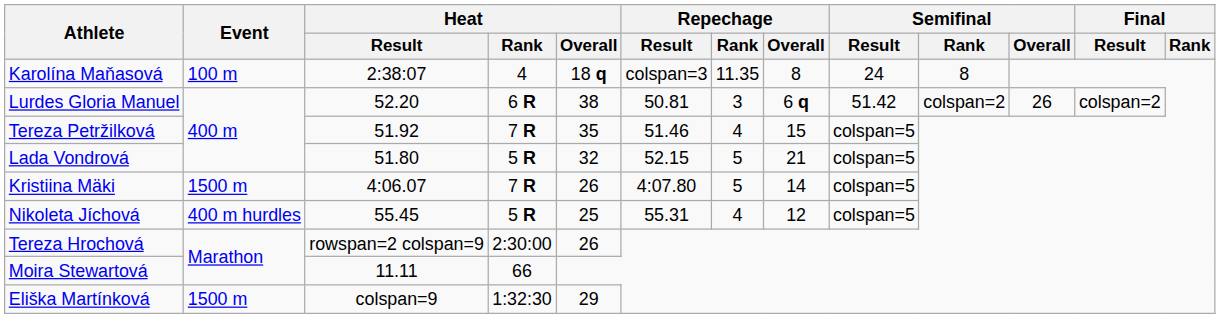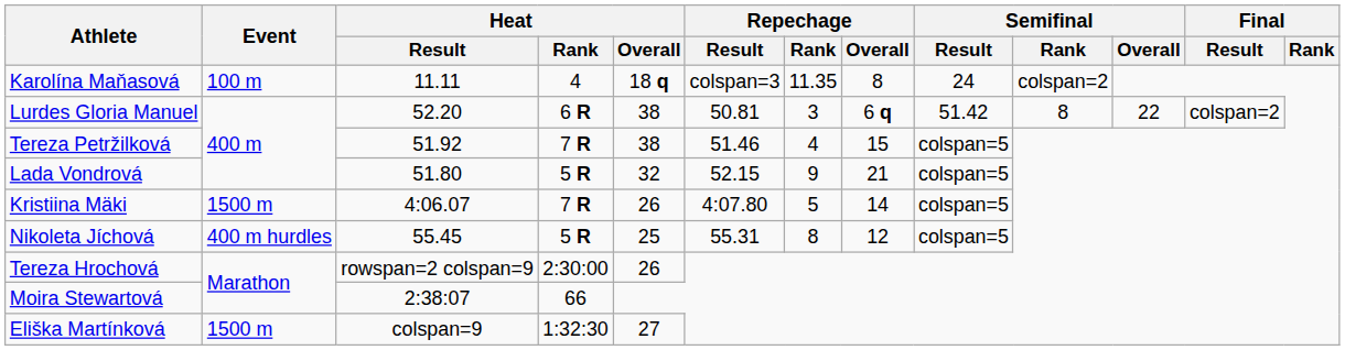 <table class="wikitable" style="font-size:90%">
 <tr>
 <th rowspan="2">Athlete</th>
 <th rowspan="2">Event</th>
 <th colspan="3">Heat</th>
 <th colspan="3">Repechage</th>
 <th colspan="3">Semifinal</th>
 <th colspan="2">Final</th>
 </tr>
 <tr style="font-size:95%">
 <th>Result</th>
 <th>Rank</th>
 <th>Overall</th>
 <th>Result</th>
 <th>Rank</th>
 <th>Overall</th>
 <th>Result</th>
 <th>Rank</th>
 <th>Overall</th>
 <th>Result</th>
 <th>Rank</th>
 </tr>
 <tr align=center>
 <td align=left><a href='#'>Karolína Maňasová</a></td>
 <td align=left><a href='#'>100 m</a></td>
-<td>2:38:07 <strong></strong></td>
+<td>11.11 <strong></strong></td>
 <td>4</td>
 <td>18 <strong>q</strong></td>
 <td>colspan=3 </td>
 <td>11.35</td>
 <td>8</td>
 <td>24</td>
-<td>8</td>
+<td>colspan=2 </td>
 </tr>
 <tr align=center>
 <td align=left><a href='#'>Lurdes Gloria Manuel</a></td>
 <td align=left  rowspan=3><a href='#'>400 m</a></td>
 <td>52.20</td>
 <td>6 <strong>R</strong></td>
 <td>38</td>
 <td>50.81</td>
 <td>3</td>
 <td>6 <strong>q</strong></td>
 <td>51.42</td>
-<td>colspan=2 </td>
-<td>26</td>
+<td>8</td>
+<td>22</td>
 <td>colspan=2 </td>
 </tr>
 <tr align=center>
 <td align=left><a href='#'>Tereza Petržilková</a></td>
 <td>51.92</td>
 <td>7 <strong>R</strong></td>
-<td>35</td>
+<td>38</td>
 <td>51.46 <strong></strong></td>
 <td>4</td>
 <td>15</td>
 <td>colspan=5 </td>
 </tr>
 <tr align=center>
 <td align=left><a href='#'>Lada Vondrová</a></td>
 <td>51.80</td>
 <td>5 <strong>R</strong></td>
 <td>32</td>
 <td>52.15</td>
-<td>5</td>
+<td>9</td>
 <td>21</td>
 <td>colspan=5 </td>
 </tr>
 <tr align=center>
 <td align=left><a href='#'>Kristiina Mäki</a></td>
 <td align=left><a href='#'>1500 m</a></td>
 <td>4:06.07</td>
 <td>7 <strong>R</strong></td>
 <td>26</td>
 <td>4:07.80</td>
 <td>5</td>
 <td>14</td>
 <td>colspan=5 </td>
 </tr>
 <tr align=center>
 <td align=left><a href='#'>Nikoleta Jíchová</a></td>
 <td align=left><a href='#'>400 m hurdles</a></td>
 <td>55.45</td>
 <td>5 <strong>R</strong></td>
 <td>25</td>
 <td>55.31</td>
-<td>4</td>
+<td>8</td>
 <td>12</td>
 <td>colspan=5 </td>
 </tr>
 <tr align=center>
 <td align=left><a href='#'>Tereza Hrochová</a></td>
 <td align=left rowspan=2><a href='#'>Marathon</a></td>
 <td>rowspan=2 colspan=9 </td>
 <td>2:30:00</td>
 <td>26</td>
 </tr>
 <tr align=center>
 <td align=left><a href='#'>Moira Stewartová</a></td>
-<td>11.11 <strong></strong></td>
+<td>2:38:07 <strong></strong></td>
 <td>66</td>
 </tr>
 <tr align=center>
 <td align=left><a href='#'>Eliška Martínková</a></td>
 <td align=left><a href='#'>1500 m</a></td>
 <td>colspan=9 </td>
 <td>1:32:30</td>
-<td>29</td>
+<td>27</td>
 </tr>
 </table>
